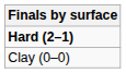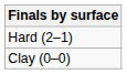 <table class=wikitable style=font-size:90%>
 <tr>
 <th>Finals by surface</th>
 </tr>
 <tr>
-<td><strong>Hard (2–1)</strong></td>
+<td>Hard (2–1)</td>
 </tr>
 <tr>
 <td>Clay (0–0)</td>
 </tr>
 </table>
